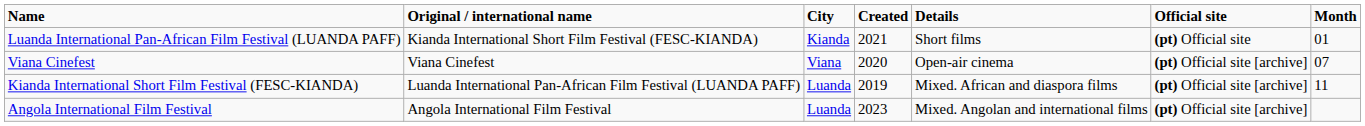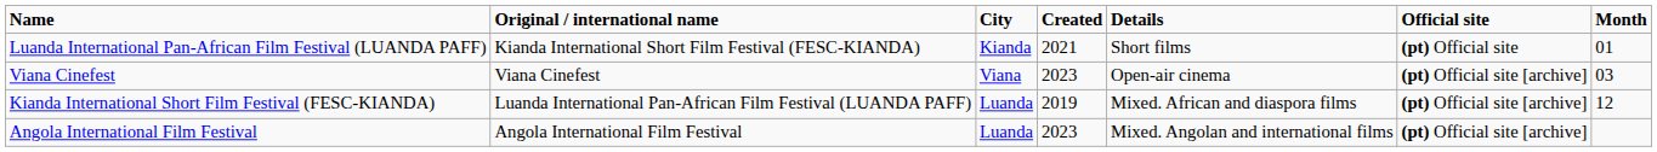 <table class="wikitable">
 <tr>
 <td><strong>Name</strong></td>
 <td><strong>Original / international name</strong></td>
 <td><strong>City</strong></td>
 <td><strong>Created</strong></td>
 <td><strong>Details</strong></td>
 <td><strong>Official site</strong></td>
 <td><strong>Month</strong></td>
 </tr>
 <tr>
 <td><a href='#'>Luanda International Pan-African Film Festival</a> (LUANDA PAFF)</td>
 <td>Kianda International Short Film Festival (FESC-KIANDA)</td>
 <td><a href='#'>Kianda</a></td>
 <td>2021</td>
 <td>Short films</td>
 <td><strong>(pt)</strong> Official site</td>
 <td>01</td>
 </tr>
 <tr>
 <td><a href='#'>Viana Cinefest</a></td>
 <td>Viana Cinefest</td>
 <td><a href='#'>Viana</a></td>
-<td>2020</td>
+<td>2023</td>
 <td>Open-air cinema</td>
 <td><strong>(pt)</strong> Official site [archive]</td>
-<td>07</td>
+<td>03</td>
 </tr>
 <tr>
 <td><a href='#'>Kianda International Short Film Festival</a> (FESC-KIANDA)</td>
 <td>Luanda International Pan-African Film Festival (LUANDA PAFF)</td>
 <td><a href='#'>Luanda</a></td>
 <td>2019</td>
 <td>Mixed. African and diaspora films</td>
 <td><strong>(pt)</strong> Official site [archive]</td>
-<td>11</td>
+<td>12</td>
 </tr>
 <tr>
 <td><a href='#'>Angola International Film Festival</a></td>
 <td>Angola International Film Festival</td>
 <td><a href='#'>Luanda</a></td>
 <td>2023</td>
 <td>Mixed. Angolan and international films</td>
 <td><strong>(pt)</strong> Official site [archive]</td>
 <td></td>
 </tr>
 </table>
